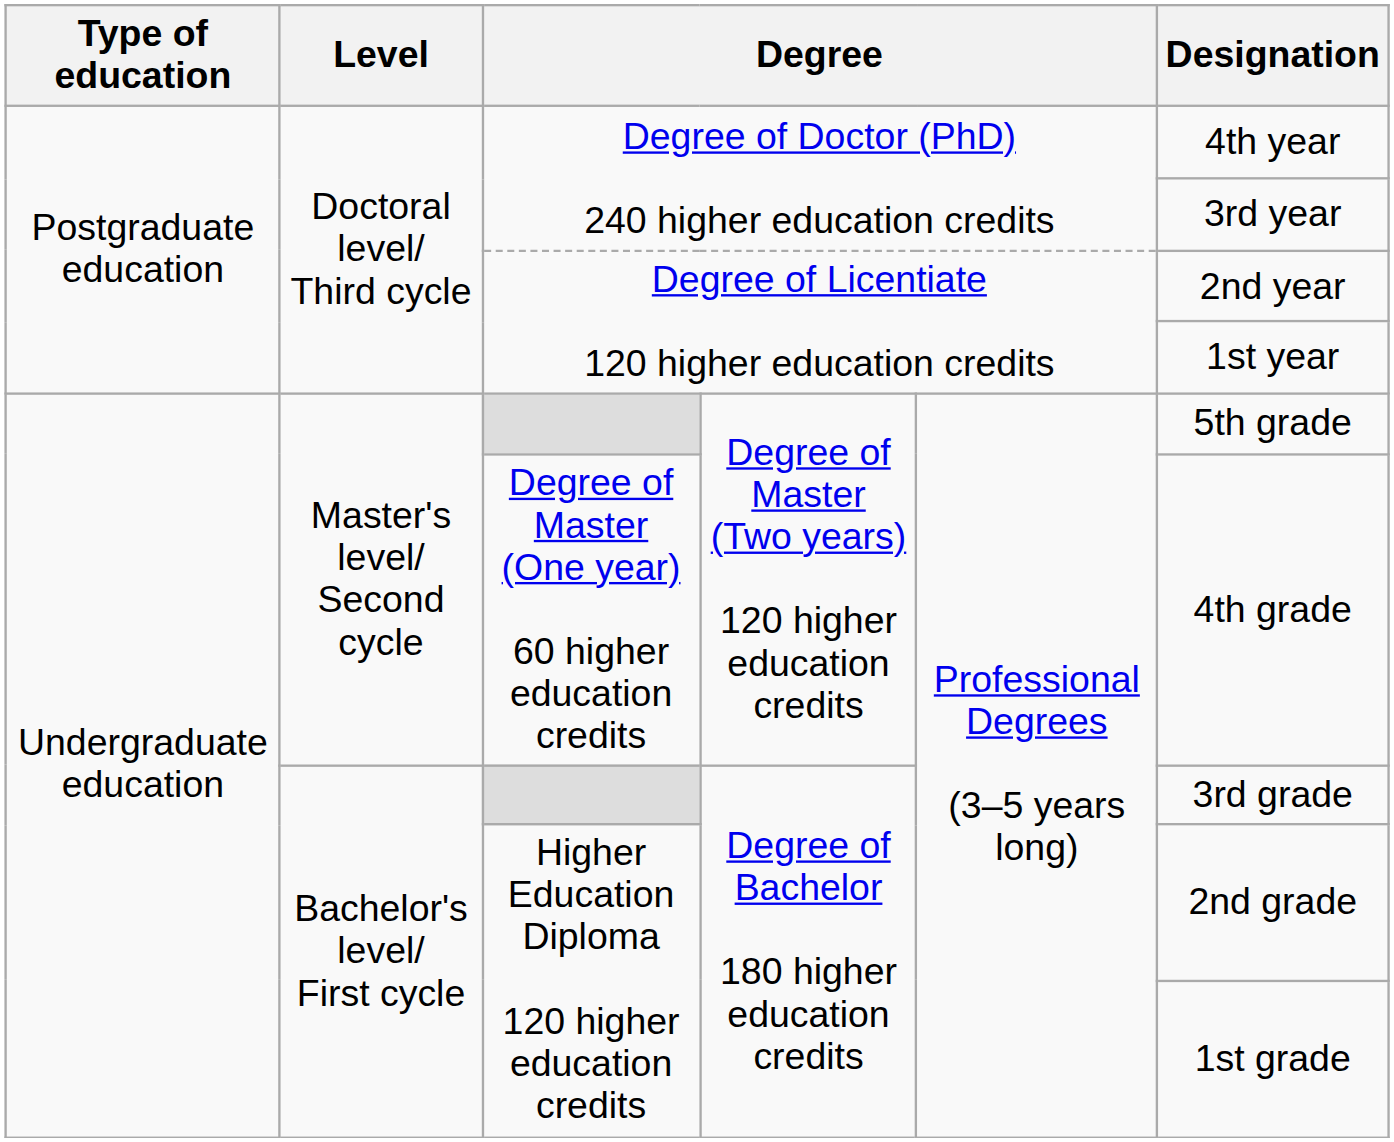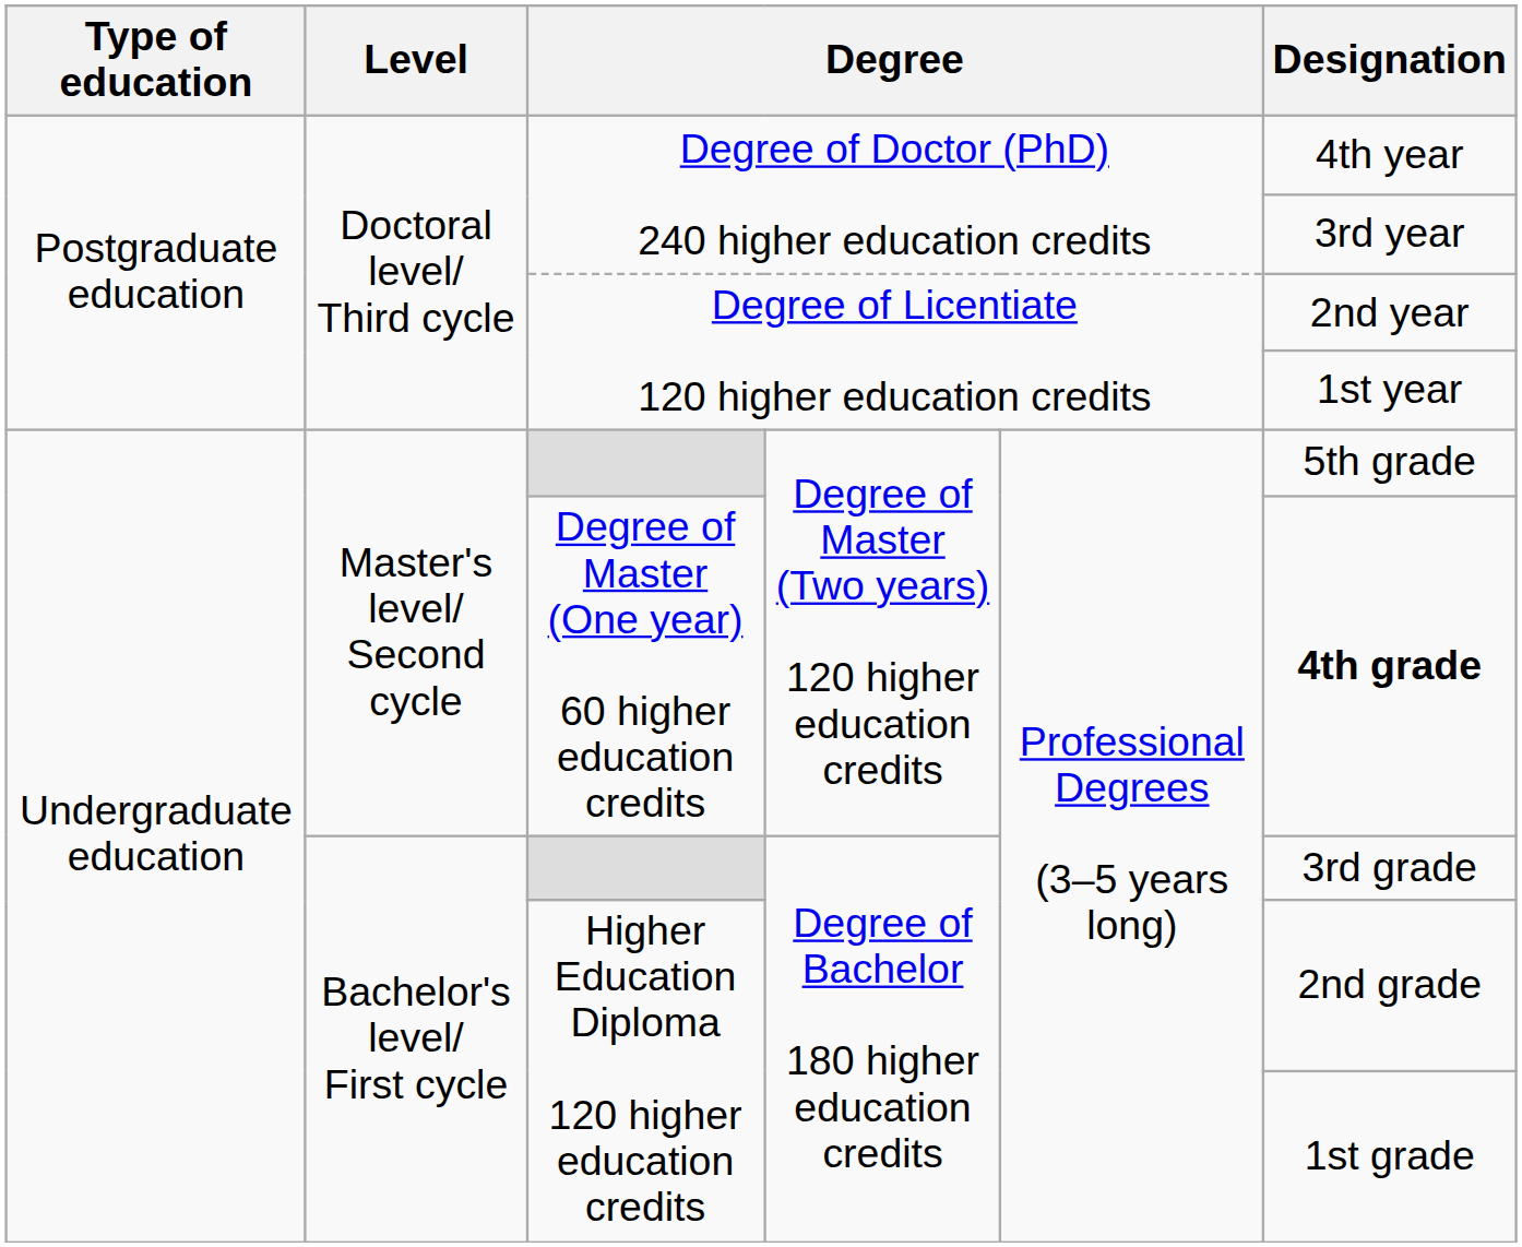 <table class="wikitable" style="margin-left: 1em">
 <tr>
 <th>Type of education</th>
 <th>Level</th>
 <th colspan="3">Degree</th>
 <th>Designation</th>
 </tr>
 <tr style="text-align:center;">
 <td rowspan="4">Postgraduate<br>education</td>
 <td rowspan="4">Doctoral level/<br>Third cycle</td>
 <td colspan="3" rowspan="2" style="border-bottom-style: dashed"><a href='#'>Degree of Doctor (PhD)</a><br><br>240 higher education credits</td>
 <td>4th year</td>
 </tr>
 <tr style="text-align:center;">
 <td>3rd year</td>
 </tr>
 <tr style="text-align:center;">
 <td colspan="3" rowspan="2" style="border-top-style: dashed"><a href='#'>Degree of Licentiate</a><br><br>120 higher education credits</td>
 <td>2nd year</td>
 </tr>
 <tr style="text-align:center;">
 <td>1st year</td>
 </tr>
 <tr style="text-align:center;">
 <td rowspan="5">Undergraduate<br>education</td>
 <td rowspan="2">Master's level/<br>Second cycle</td>
 <td style="background:#ddd;"> </td>
 <td rowspan="2"><a href='#'>Degree of Master (Two years)</a><br><br>120 higher education credits</td>
 <td rowspan="5"><a href='#'>Professional Degrees</a><br><br>(3–5 years long)</td>
 <td>5th grade</td>
 </tr>
 <tr style="text-align:center;">
 <td style="border-right-style: dotted"><a href='#'>Degree of Master (One year)</a><br><br>60 higher education credits</td>
-<td>4th grade</td>
+<td><strong>4th grade</strong></td>
 </tr>
 <tr style="text-align:center;">
 <td rowspan="3">Bachelor's level/<br>First cycle</td>
 <td style="background:#ddd;"> </td>
 <td rowspan="3"><a href='#'>Degree of Bachelor</a><br><br>180 higher education credits</td>
 <td>3rd grade</td>
 </tr>
 <tr style="text-align:center;">
 <td rowspan="2">Higher Education Diploma<br><br>120 higher education credits</td>
 <td>2nd grade</td>
 </tr>
 <tr style="text-align:center;">
 <td>1st grade</td>
 </tr>
 </table>
